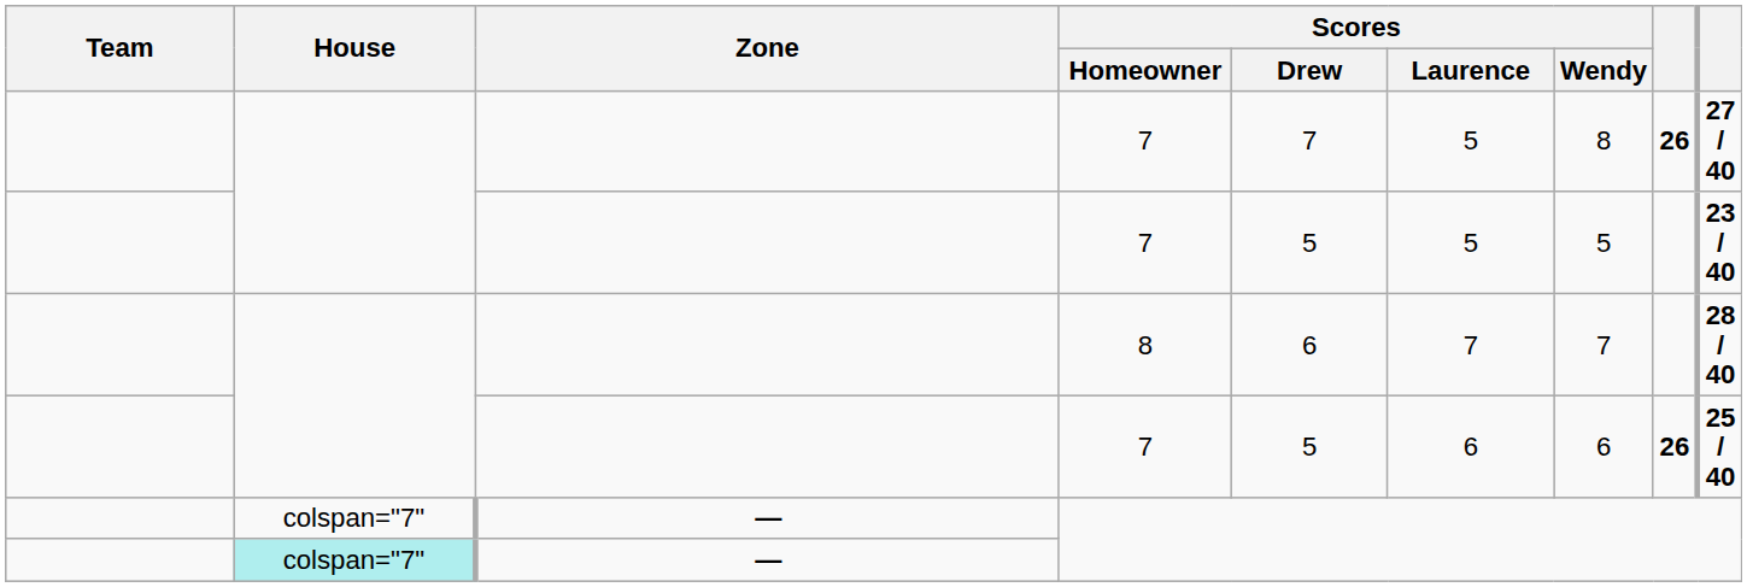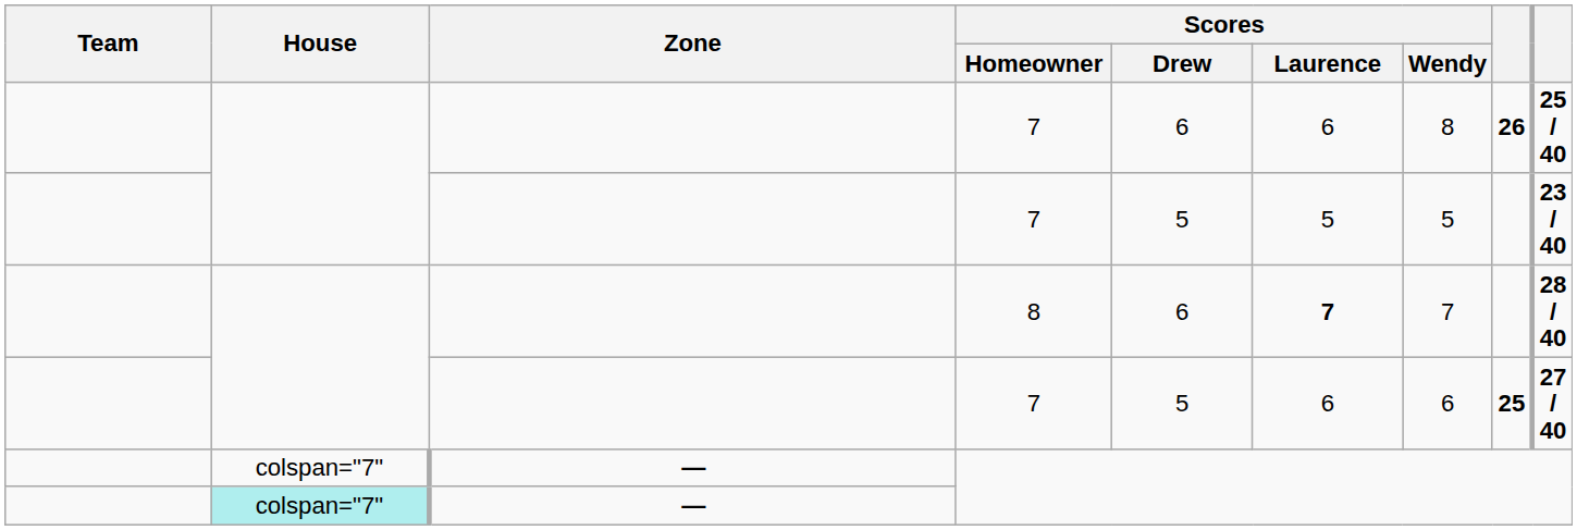 <table class="wikitable plainrowheaders" style="text-align:center; font-size:90%; width:65em;">
 <tr>
 <th rowspan="2">Team</th>
 <th rowspan="2">House</th>
 <th rowspan="2" style="width:40%;">Zone</th>
 <th colspan="4" style="width:30%;">Scores</th>
 <th rowspan="2" style="width:15%;"></th>
 <th rowspan="2" style="width:15%; border-left:3px solid #aaa;"></th>
 </tr>
 <tr>
 <th style="width:10%;">Homeowner</th>
 <th style="width:10%;">Drew</th>
 <th style="width:10%;">Laurence</th>
 <th style="width:10%;">Wendy</th>
 </tr>
 <tr>
 <td style="width:15%;"></td>
 <td rowspan=2 style="width:15%;"><br></td>
 <td></td>
 <td>7</td>
-<td>7</td>
-<td>5</td>
+<td>6</td>
+<td>6</td>
 <td>8</td>
 <td><strong>26</strong></td>
-<td style="border-left:3px solid #aaa;"><strong>27 / 40</strong></td>
+<td style="border-left:3px solid #aaa;"><strong>25 / 40</strong></td>
 </tr>
 <tr>
 <td style="width:15%;"></td>
 <td></td>
 <td>7</td>
 <td>5</td>
 <td>5</td>
 <td>5</td>
 <td></td>
 <td style="border-left:3px solid #aaa;"><strong>23 / 40</strong></td>
 </tr>
 <tr>
 <td style="width:15%;"></td>
 <td rowspan=2 style="width:15%;"><br></td>
 <td></td>
 <td>8</td>
 <td>6</td>
-<td>7</td>
+<td><strong>7</strong></td>
 <td>7</td>
 <td></td>
 <td style="border-left:3px solid #aaa;"><strong>28 / 40</strong></td>
 </tr>
 <tr>
 <td style="width:15%;"></td>
 <td></td>
 <td>7</td>
 <td>5</td>
 <td>6</td>
 <td>6</td>
-<td><strong>26</strong></td>
-<td style="border-left:3px solid #aaa;"><strong>25 / 40</strong></td>
+<td><strong>25</strong></td>
+<td style="border-left:3px solid #aaa;"><strong>27 / 40</strong></td>
 </tr>
 <tr>
 <td style="width:15%;"></td>
 <td>colspan="7" </td>
 <td style="border-left:3px solid #aaa;"><strong>—</strong></td>
 </tr>
 <tr>
 <td style="width:15%;"></td>
 <td style="background: paleturquoise;">colspan="7" </td>
 <td style="border-left:3px solid #aaa;"><strong>—</strong></td>
 </tr>
 </table>
